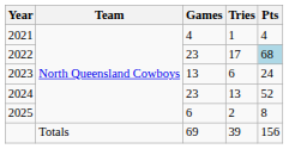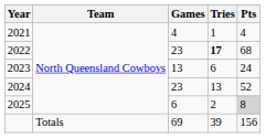 <table class="wikitable">
 <tr>
 <th>Year</th>
 <th>Team</th>
 <th>Games</th>
 <th>Tries</th>
 <th>Pts</th>
 </tr>
 <tr>
 <td>2021</td>
 <td rowspan="5"> <a href='#'>North Queensland Cowboys</a></td>
 <td>4</td>
 <td>1</td>
 <td>4</td>
 </tr>
 <tr>
 <td>2022</td>
 <td>23</td>
-<td>17</td>
-<td style="background: lightblue;">68</td>
+<td><strong>17</strong></td>
+<td>68</td>
 </tr>
 <tr>
 <td>2023</td>
 <td>13</td>
 <td>6</td>
 <td>24</td>
 </tr>
 <tr>
 <td>2024</td>
 <td>23</td>
 <td>13</td>
 <td>52</td>
 </tr>
 <tr>
 <td>2025</td>
 <td>6</td>
 <td>2</td>
-<td>8</td>
+<td style="background: lightgrey;">8</td>
 </tr>
 <tr>
 <td></td>
 <td>Totals</td>
 <td>69</td>
 <td>39</td>
 <td>156</td>
 </tr>
 </table>
